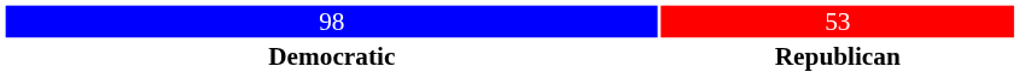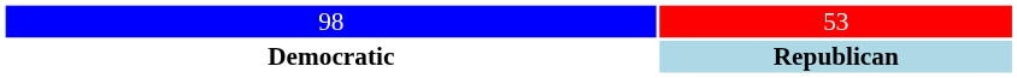 <table style="width:50%; text-align:center;">
 <tr style="color:white;">
 <td style="background:blue; width:64.90%;">98</td>
 <td style="background:red; width:35.10%;">53</td>
 </tr>
 <tr>
 <td><span><strong>Democratic</strong></span></td>
-<td><span><strong>Republican</strong></span></td>
+<td style="background: lightblue;"><span><strong>Republican</strong></span></td>
 </tr>
 </table>
